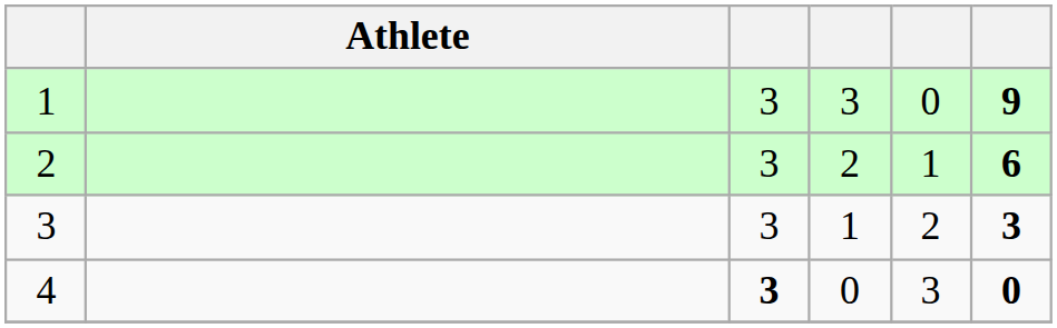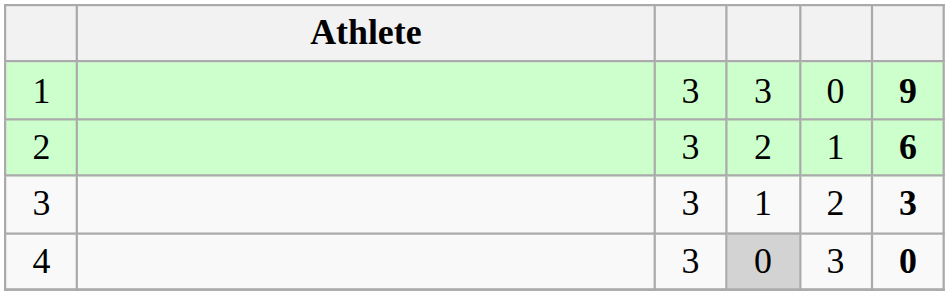 <table class="wikitable" style="text-align: center; font-size:100% ">
 <tr>
 <th width=25></th>
 <th width=250>Athlete</th>
 <th width=25></th>
 <th width=25></th>
 <th width=25></th>
 <th width=25></th>
 </tr>
 <tr bgcolor="ccffcc">
 <td>1</td>
 <td align=left></td>
 <td>3</td>
 <td>3</td>
 <td>0</td>
 <td><strong>9</strong></td>
 </tr>
 <tr bgcolor="ccffcc">
 <td>2</td>
 <td align=left></td>
 <td>3</td>
 <td>2</td>
 <td>1</td>
 <td><strong>6</strong></td>
 </tr>
 <tr>
 <td>3</td>
 <td align=left></td>
 <td>3</td>
 <td>1</td>
 <td>2</td>
 <td><strong>3</strong></td>
 </tr>
 <tr>
 <td>4</td>
 <td align=left></td>
-<td><strong>3</strong></td>
-<td>0</td>
+<td>3</td>
+<td style="background: lightgrey;">0</td>
 <td>3</td>
 <td><strong>0</strong></td>
 </tr>
 <tr>
 </tr>
 </table>
